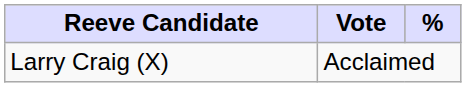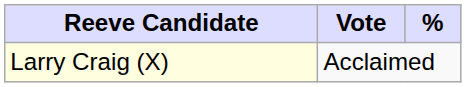 <table class="wikitable">
 <tr>
 <th style="background:#ddf; width:200px;">Reeve Candidate</th>
 <th style="background:#ddf; width:50px;">Vote</th>
 <th style="background:#ddf; width:30px;">%</th>
 </tr>
 <tr>
-<td>Larry Craig (X)</td>
+<td style="background: lightyellow;">Larry Craig (X)</td>
 <td colspan="2">Acclaimed</td>
 </tr>
 </table>
